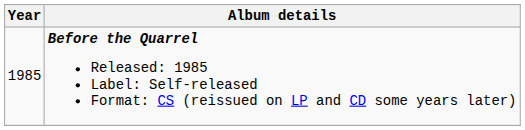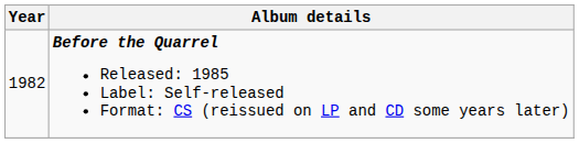 <table class ="wikitable">
 <tr>
 <th>Year</th>
 <th>Album details</th>
 </tr>
 <tr>
-<td>1985</td>
+<td>1982</td>
 <td><strong><em>Before the Quarrel</em></strong><br><ul><li>Released: 1985</li><li>Label: Self-released</li><li>Format: <a href='#'>CS</a> (reissued on <a href='#'>LP</a> and <a href='#'>CD</a> some years later)</li></ul></td>
 </tr>
 <tr>
 </tr>
 </table>
